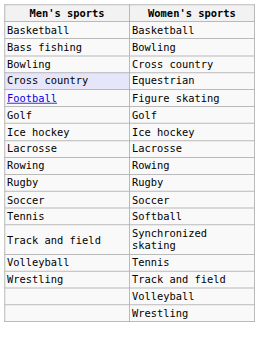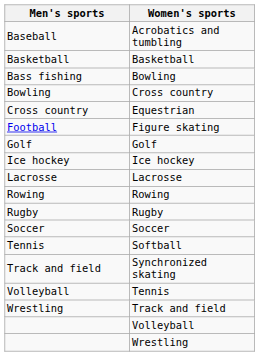 <table class="wikitable"; style= "float:right; text-align: ">
 <tr>
 <th width=150px>Men's sports</th>
 <th width=150px>Women's sports</th>
+</tr>
+<tr>
+<td>Baseball</td>
+<td>Acrobatics and tumbling</td>
 </tr>
 <tr>
 <td>Basketball</td>
 <td>Basketball</td>
 </tr>
 <tr>
 <td>Bass fishing</td>
 <td>Bowling</td>
 </tr>
 <tr>
 <td>Bowling</td>
 <td>Cross country</td>
 </tr>
 <tr>
-<td style="background: lavender;">Cross country</td>
+<td>Cross country</td>
 <td>Equestrian</td>
 </tr>
 <tr>
 <td><a href='#'>Football</a></td>
 <td>Figure skating</td>
 </tr>
 <tr>
 <td>Golf</td>
 <td>Golf</td>
 </tr>
 <tr>
 <td>Ice hockey</td>
 <td>Ice hockey</td>
 </tr>
 <tr>
 <td>Lacrosse</td>
 <td>Lacrosse</td>
 </tr>
 <tr>
 <td>Rowing</td>
 <td>Rowing</td>
 </tr>
 <tr>
 <td>Rugby</td>
 <td>Rugby</td>
 </tr>
 <tr>
 <td>Soccer</td>
 <td>Soccer</td>
 </tr>
 <tr>
 <td>Tennis</td>
 <td>Softball</td>
 </tr>
 <tr>
 <td>Track and field</td>
 <td>Synchronized skating</td>
 </tr>
 <tr>
 <td>Volleyball</td>
 <td>Tennis</td>
 </tr>
 <tr>
 <td>Wrestling</td>
 <td>Track and field</td>
 </tr>
 <tr>
 <td></td>
 <td>Volleyball</td>
 </tr>
 <tr>
 <td></td>
 <td>Wrestling</td>
 </tr>
 </table>
